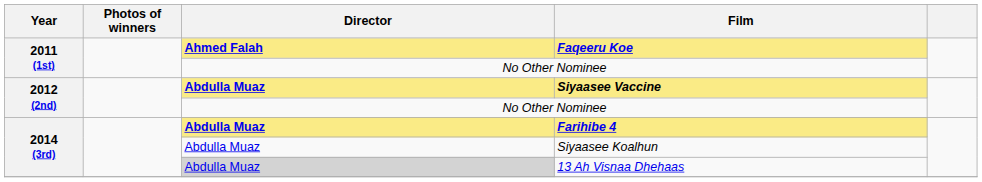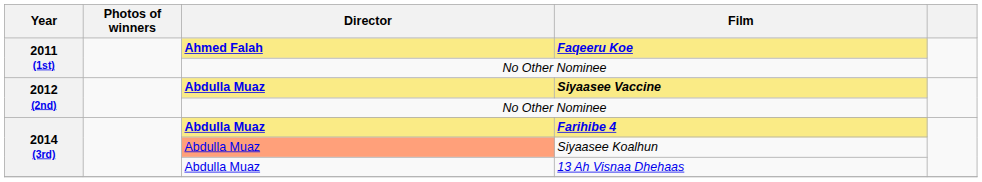 <table class="wikitable sortable" style="text-align:left;">
 <tr>
 <th scope="col" style="width:3%; text-align:center;">Year</th>
 <th scope="col" style="width:3%;text-align:center;">Photos of winners</th>
 <th scope="col" style="width:15%;text-align:center;">Director</th>
 <th scope="col" style="width:15%;text-align:center;">Film</th>
 <th scope="col" style="width:2%" class="unsortable"></th>
 </tr>
 <tr>
 <th scope="row" rowspan=2 style="text-align:center">2011 <br><small><a href='#'>(1st)</a> </small></th>
 <td rowspan=2 style="text-align:center"></td>
 <td style="background:#FAEB86;"><strong><a href='#'>Ahmed Falah</a></strong></td>
 <td style="background:#FAEB86;"><strong><em><a href='#'>Faqeeru Koe</a></em></strong></td>
 <td rowspan=2 style="text-align: center;"></td>
 </tr>
 <tr>
 <td colspan=2 style="text-align:center"><em>No Other Nominee</em></td>
 </tr>
 <tr>
 <th scope="row" rowspan=2 style="text-align:center">2012 <br><small><a href='#'>(2nd)</a> </small></th>
 <td rowspan=2 style="text-align:center"></td>
 <td style="background:#FAEB86;"><strong><a href='#'>Abdulla Muaz</a></strong></td>
 <td style="background:#FAEB86;"><strong><em>Siyaasee Vaccine</em></strong></td>
 <td rowspan=2 style="text-align: center;"></td>
 </tr>
 <tr>
 <td colspan=2 style="text-align:center"><em>No Other Nominee</em></td>
 </tr>
 <tr>
 <th scope="row" rowspan=3 style="text-align:center">2014 <br><small><a href='#'>(3rd)</a> </small></th>
 <td rowspan=3 style="text-align:center"></td>
 <td style="background:#FAEB86;"><strong><a href='#'>Abdulla Muaz</a></strong></td>
 <td style="background:#FAEB86;"><strong><em><a href='#'>Farihibe 4</a></em></strong></td>
 <td rowspan=3 style="text-align: center;"></td>
 </tr>
 <tr>
-<td><a href='#'>Abdulla Muaz</a></td>
+<td style="background: lightsalmon;"><a href='#'>Abdulla Muaz</a></td>
 <td><em>Siyaasee Koalhun</em></td>
 </tr>
 <tr>
-<td style="background: lightgrey;"><a href='#'>Abdulla Muaz</a></td>
+<td><a href='#'>Abdulla Muaz</a></td>
 <td><em><a href='#'>13 Ah Visnaa Dhehaas</a></em></td>
 </tr>
 <tr>
 </tr>
 </table>
